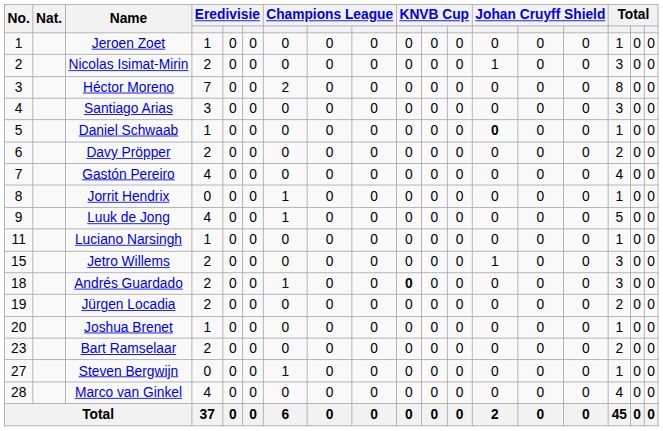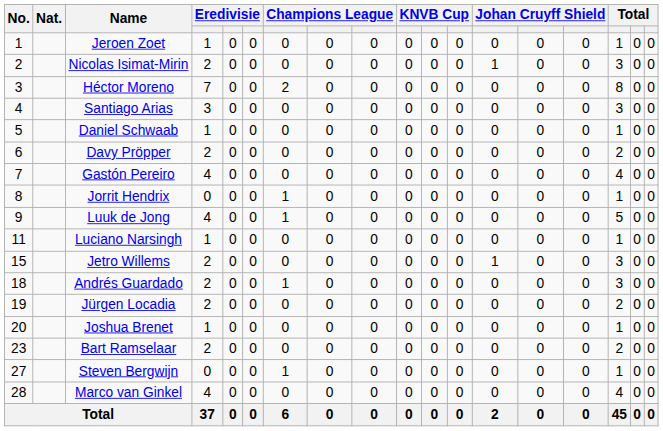 <table class="wikitable sortable" style="text-align: center;">
 <tr>
 <th rowspan="2">No.</th>
 <th rowspan="2">Nat.</th>
 <th rowspan="2">Name</th>
 <th colspan="3"><a href='#'>Eredivisie</a></th>
 <th colspan="3"><a href='#'>Champions League</a></th>
 <th colspan="3"><a href='#'>KNVB Cup</a></th>
 <th colspan="3"><a href='#'>Johan Cruyff Shield</a></th>
 <th colspan="3">Total</th>
 </tr>
 <tr>
 <th></th>
 <th></th>
 <th></th>
 <th></th>
 <th></th>
 <th></th>
 <th></th>
 <th></th>
 <th></th>
 <th></th>
 <th></th>
 <th></th>
 <th></th>
 <th></th>
 <th></th>
 </tr>
 <tr>
 <td>1</td>
 <td></td>
 <td><a href='#'>Jeroen Zoet</a></td>
 <td>1</td>
 <td>0</td>
 <td>0</td>
 <td>0</td>
 <td>0</td>
 <td>0</td>
 <td>0</td>
 <td>0</td>
 <td>0</td>
 <td>0</td>
 <td>0</td>
 <td>0</td>
 <td>1</td>
 <td>0</td>
 <td>0</td>
 </tr>
 <tr>
 <td>2</td>
 <td></td>
 <td><a href='#'>Nicolas Isimat-Mirin</a></td>
 <td>2</td>
 <td>0</td>
 <td>0</td>
 <td>0</td>
 <td>0</td>
 <td>0</td>
 <td>0</td>
 <td>0</td>
 <td>0</td>
 <td>1</td>
 <td>0</td>
 <td>0</td>
 <td>3</td>
 <td>0</td>
 <td>0</td>
 </tr>
 <tr>
 <td>3</td>
 <td></td>
 <td><a href='#'>Héctor Moreno</a></td>
 <td>7</td>
 <td>0</td>
 <td>0</td>
 <td>2</td>
 <td>0</td>
 <td>0</td>
 <td>0</td>
 <td>0</td>
 <td>0</td>
 <td>0</td>
 <td>0</td>
 <td>0</td>
 <td>8</td>
 <td>0</td>
 <td>0</td>
 </tr>
 <tr>
 <td>4</td>
 <td></td>
 <td><a href='#'>Santiago Arias</a></td>
 <td>3</td>
 <td>0</td>
 <td>0</td>
 <td>0</td>
 <td>0</td>
 <td>0</td>
 <td>0</td>
 <td>0</td>
 <td>0</td>
 <td>0</td>
 <td>0</td>
 <td>0</td>
 <td>3</td>
 <td>0</td>
 <td>0</td>
 </tr>
 <tr>
 <td>5</td>
 <td></td>
 <td><a href='#'>Daniel Schwaab</a></td>
 <td>1</td>
 <td>0</td>
 <td>0</td>
 <td>0</td>
 <td>0</td>
 <td>0</td>
 <td>0</td>
 <td>0</td>
 <td>0</td>
-<td><strong>0</strong></td>
+<td>0</td>
 <td>0</td>
 <td>0</td>
 <td>1</td>
 <td>0</td>
 <td>0</td>
 </tr>
 <tr>
 <td>6</td>
 <td></td>
 <td><a href='#'>Davy Pröpper</a></td>
 <td>2</td>
 <td>0</td>
 <td>0</td>
 <td>0</td>
 <td>0</td>
 <td>0</td>
 <td>0</td>
 <td>0</td>
 <td>0</td>
 <td>0</td>
 <td>0</td>
 <td>0</td>
 <td>2</td>
 <td>0</td>
 <td>0</td>
 </tr>
 <tr>
 <td>7</td>
 <td></td>
 <td><a href='#'>Gastón Pereiro</a></td>
 <td>4</td>
 <td>0</td>
 <td>0</td>
 <td>0</td>
 <td>0</td>
 <td>0</td>
 <td>0</td>
 <td>0</td>
 <td>0</td>
 <td>0</td>
 <td>0</td>
 <td>0</td>
 <td>4</td>
 <td>0</td>
 <td>0</td>
 </tr>
 <tr>
 <td>8</td>
 <td></td>
 <td><a href='#'>Jorrit Hendrix</a></td>
 <td>0</td>
 <td>0</td>
 <td>0</td>
 <td>1</td>
 <td>0</td>
 <td>0</td>
 <td>0</td>
 <td>0</td>
 <td>0</td>
 <td>0</td>
 <td>0</td>
 <td>0</td>
 <td>1</td>
 <td>0</td>
 <td>0</td>
 </tr>
 <tr>
 <td>9</td>
 <td></td>
 <td><a href='#'>Luuk de Jong</a></td>
 <td>4</td>
 <td>0</td>
 <td>0</td>
 <td>1</td>
 <td>0</td>
 <td>0</td>
 <td>0</td>
 <td>0</td>
 <td>0</td>
 <td>0</td>
 <td>0</td>
 <td>0</td>
 <td>5</td>
 <td>0</td>
 <td>0</td>
 </tr>
 <tr>
 <td>11</td>
 <td></td>
 <td><a href='#'>Luciano Narsingh</a></td>
 <td>1</td>
 <td>0</td>
 <td>0</td>
 <td>0</td>
 <td>0</td>
 <td>0</td>
 <td>0</td>
 <td>0</td>
 <td>0</td>
 <td>0</td>
 <td>0</td>
 <td>0</td>
 <td>1</td>
 <td>0</td>
 <td>0</td>
 </tr>
 <tr>
 <td>15</td>
 <td></td>
 <td><a href='#'>Jetro Willems</a></td>
 <td>2</td>
 <td>0</td>
 <td>0</td>
 <td>0</td>
 <td>0</td>
 <td>0</td>
 <td>0</td>
 <td>0</td>
 <td>0</td>
 <td>1</td>
 <td>0</td>
 <td>0</td>
 <td>3</td>
 <td>0</td>
 <td>0</td>
 </tr>
 <tr>
 <td>18</td>
 <td></td>
 <td><a href='#'>Andrés Guardado</a></td>
 <td>2</td>
 <td>0</td>
 <td>0</td>
 <td>1</td>
 <td>0</td>
 <td>0</td>
-<td><strong>0</strong></td>
+<td>0</td>
 <td>0</td>
 <td>0</td>
 <td>0</td>
 <td>0</td>
 <td>0</td>
 <td>3</td>
 <td>0</td>
 <td>0</td>
 </tr>
 <tr>
 <td>19</td>
 <td></td>
 <td><a href='#'>Jürgen Locadia</a></td>
 <td>2</td>
 <td>0</td>
 <td>0</td>
 <td>0</td>
 <td>0</td>
 <td>0</td>
 <td>0</td>
 <td>0</td>
 <td>0</td>
 <td>0</td>
 <td>0</td>
 <td>0</td>
 <td>2</td>
 <td>0</td>
 <td>0</td>
 </tr>
 <tr>
 <td>20</td>
 <td></td>
 <td><a href='#'>Joshua Brenet</a></td>
 <td>1</td>
 <td>0</td>
 <td>0</td>
 <td>0</td>
 <td>0</td>
 <td>0</td>
 <td>0</td>
 <td>0</td>
 <td>0</td>
 <td>0</td>
 <td>0</td>
 <td>0</td>
 <td>1</td>
 <td>0</td>
 <td>0</td>
 </tr>
 <tr>
 <td>23</td>
 <td></td>
 <td><a href='#'>Bart Ramselaar</a></td>
 <td>2</td>
 <td>0</td>
 <td>0</td>
 <td>0</td>
 <td>0</td>
 <td>0</td>
 <td>0</td>
 <td>0</td>
 <td>0</td>
 <td>0</td>
 <td>0</td>
 <td>0</td>
 <td>2</td>
 <td>0</td>
 <td>0</td>
 </tr>
 <tr>
 <td>27</td>
 <td></td>
 <td><a href='#'>Steven Bergwijn</a></td>
 <td>0</td>
 <td>0</td>
 <td>0</td>
 <td>1</td>
 <td>0</td>
 <td>0</td>
 <td>0</td>
 <td>0</td>
 <td>0</td>
 <td>0</td>
 <td>0</td>
 <td>0</td>
 <td>1</td>
 <td>0</td>
 <td>0</td>
 </tr>
 <tr>
 <td>28</td>
 <td></td>
 <td><a href='#'>Marco van Ginkel</a></td>
 <td>4</td>
 <td>0</td>
 <td>0</td>
 <td>0</td>
 <td>0</td>
 <td>0</td>
 <td>0</td>
 <td>0</td>
 <td>0</td>
 <td>0</td>
 <td>0</td>
 <td>0</td>
 <td>4</td>
 <td>0</td>
 <td>0</td>
 </tr>
 <tr>
 <th colspan=3>Total</th>
 <th>37</th>
 <th>0</th>
 <th>0</th>
 <th>6</th>
 <th>0</th>
 <th>0</th>
 <th>0</th>
 <th>0</th>
 <th>0</th>
 <th>2</th>
 <th>0</th>
 <th>0</th>
 <th>45</th>
 <th>0</th>
 <th>0</th>
 </tr>
 </table>
